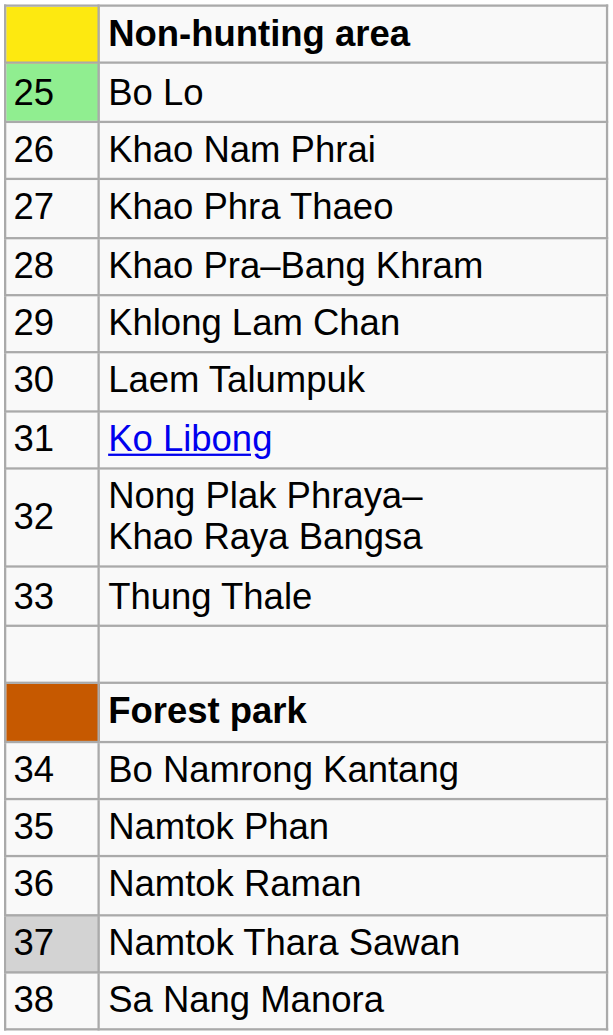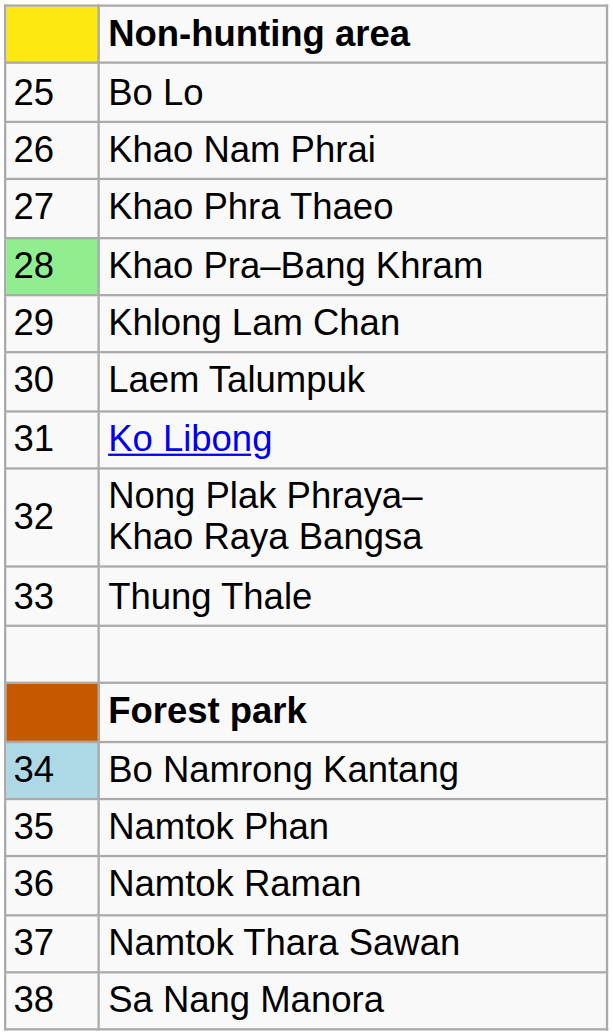 <table class= "wikitable" style= "width:30%; display:inline-table;">
 <tr>
 <td style="width:3%; background:#FDE910;"> </td>
 <td style="width:27%;"><strong>Non-hunting area</strong></td>
 </tr>
 <tr>
-<td style="background: lightgreen;">25</td>
+<td>25</td>
 <td>Bo Lo</td>
 </tr>
 <tr>
 <td>26</td>
 <td>Khao Nam Phrai</td>
 </tr>
 <tr>
 <td>27</td>
 <td>Khao Phra Thaeo</td>
 </tr>
 <tr>
-<td>28</td>
+<td style="background: lightgreen;">28</td>
 <td>Khao Pra–Bang Khram</td>
 </tr>
 <tr>
 <td>29</td>
 <td>Khlong Lam Chan</td>
 </tr>
 <tr>
 <td>30</td>
 <td>Laem Talumpuk</td>
 </tr>
 <tr>
 <td>31</td>
 <td><a href='#'>Ko Libong</a></td>
 </tr>
 <tr>
 <td>32</td>
 <td>Nong Plak Phraya–<br>Khao Raya Bangsa</td>
 </tr>
 <tr>
 <td>33</td>
 <td>Thung Thale</td>
 </tr>
 <tr>
 <td> </td>
 <td> </td>
 </tr>
 <tr>
 <td style="width:3%; background:#C65900;"> </td>
 <td style="width:27%;"><strong>Forest park</strong></td>
 </tr>
 <tr>
-<td>34</td>
+<td style="background: lightblue;">34</td>
 <td>Bo Namrong Kantang</td>
 </tr>
 <tr>
 <td>35</td>
 <td>Namtok Phan</td>
 </tr>
 <tr>
 <td>36</td>
 <td>Namtok Raman</td>
 </tr>
 <tr>
-<td style="background: lightgrey;">37</td>
+<td>37</td>
 <td>Namtok Thara Sawan</td>
 </tr>
 <tr>
 <td>38</td>
 <td>Sa Nang Manora</td>
 </tr>
 </table>
